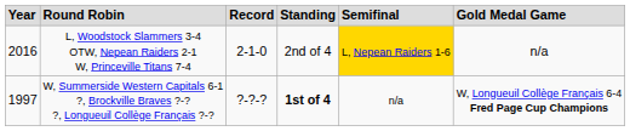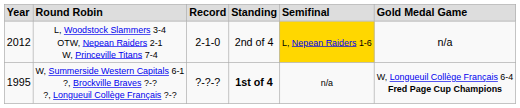 <table class="wikitable">
 <tr style="font-weight:bold; background-color:#dddddd;" |>
 <td>Year</td>
 <td>Round Robin</td>
 <td>Record</td>
 <td>Standing</td>
 <td>Semifinal</td>
 <td>Gold Medal Game</td>
 </tr>
 <tr align=center>
-<td>2016</td>
+<td>2012</td>
 <td><small>L, <a href='#'>Woodstock Slammers</a> 3-4<br>OTW, <a href='#'>Nepean Raiders</a> 2-1<br>W, <a href='#'>Princeville Titans</a> 7-4</small></td>
 <td>2-1-0</td>
 <td>2nd of 4</td>
 <td style="background: gold;"><small>L, <a href='#'>Nepean Raiders</a> 1-6</small></td>
 <td>n/a</td>
 </tr>
 <tr align=center>
-<td>1997</td>
+<td>1995</td>
 <td><small>W, <a href='#'>Summerside Western Capitals</a> 6-1<br>?, <a href='#'>Brockville Braves</a> ?-?<br>?, <a href='#'>Longueuil Collège Français</a> ?-?</small></td>
 <td>?-?-?</td>
 <td><strong>1st of 4</strong></td>
 <td><small>n/a</small></td>
 <td><small>W, <a href='#'>Longueuil Collège Français</a> 6-4<br><strong>Fred Page Cup Champions</strong></small></td>
 </tr>
 </table>
